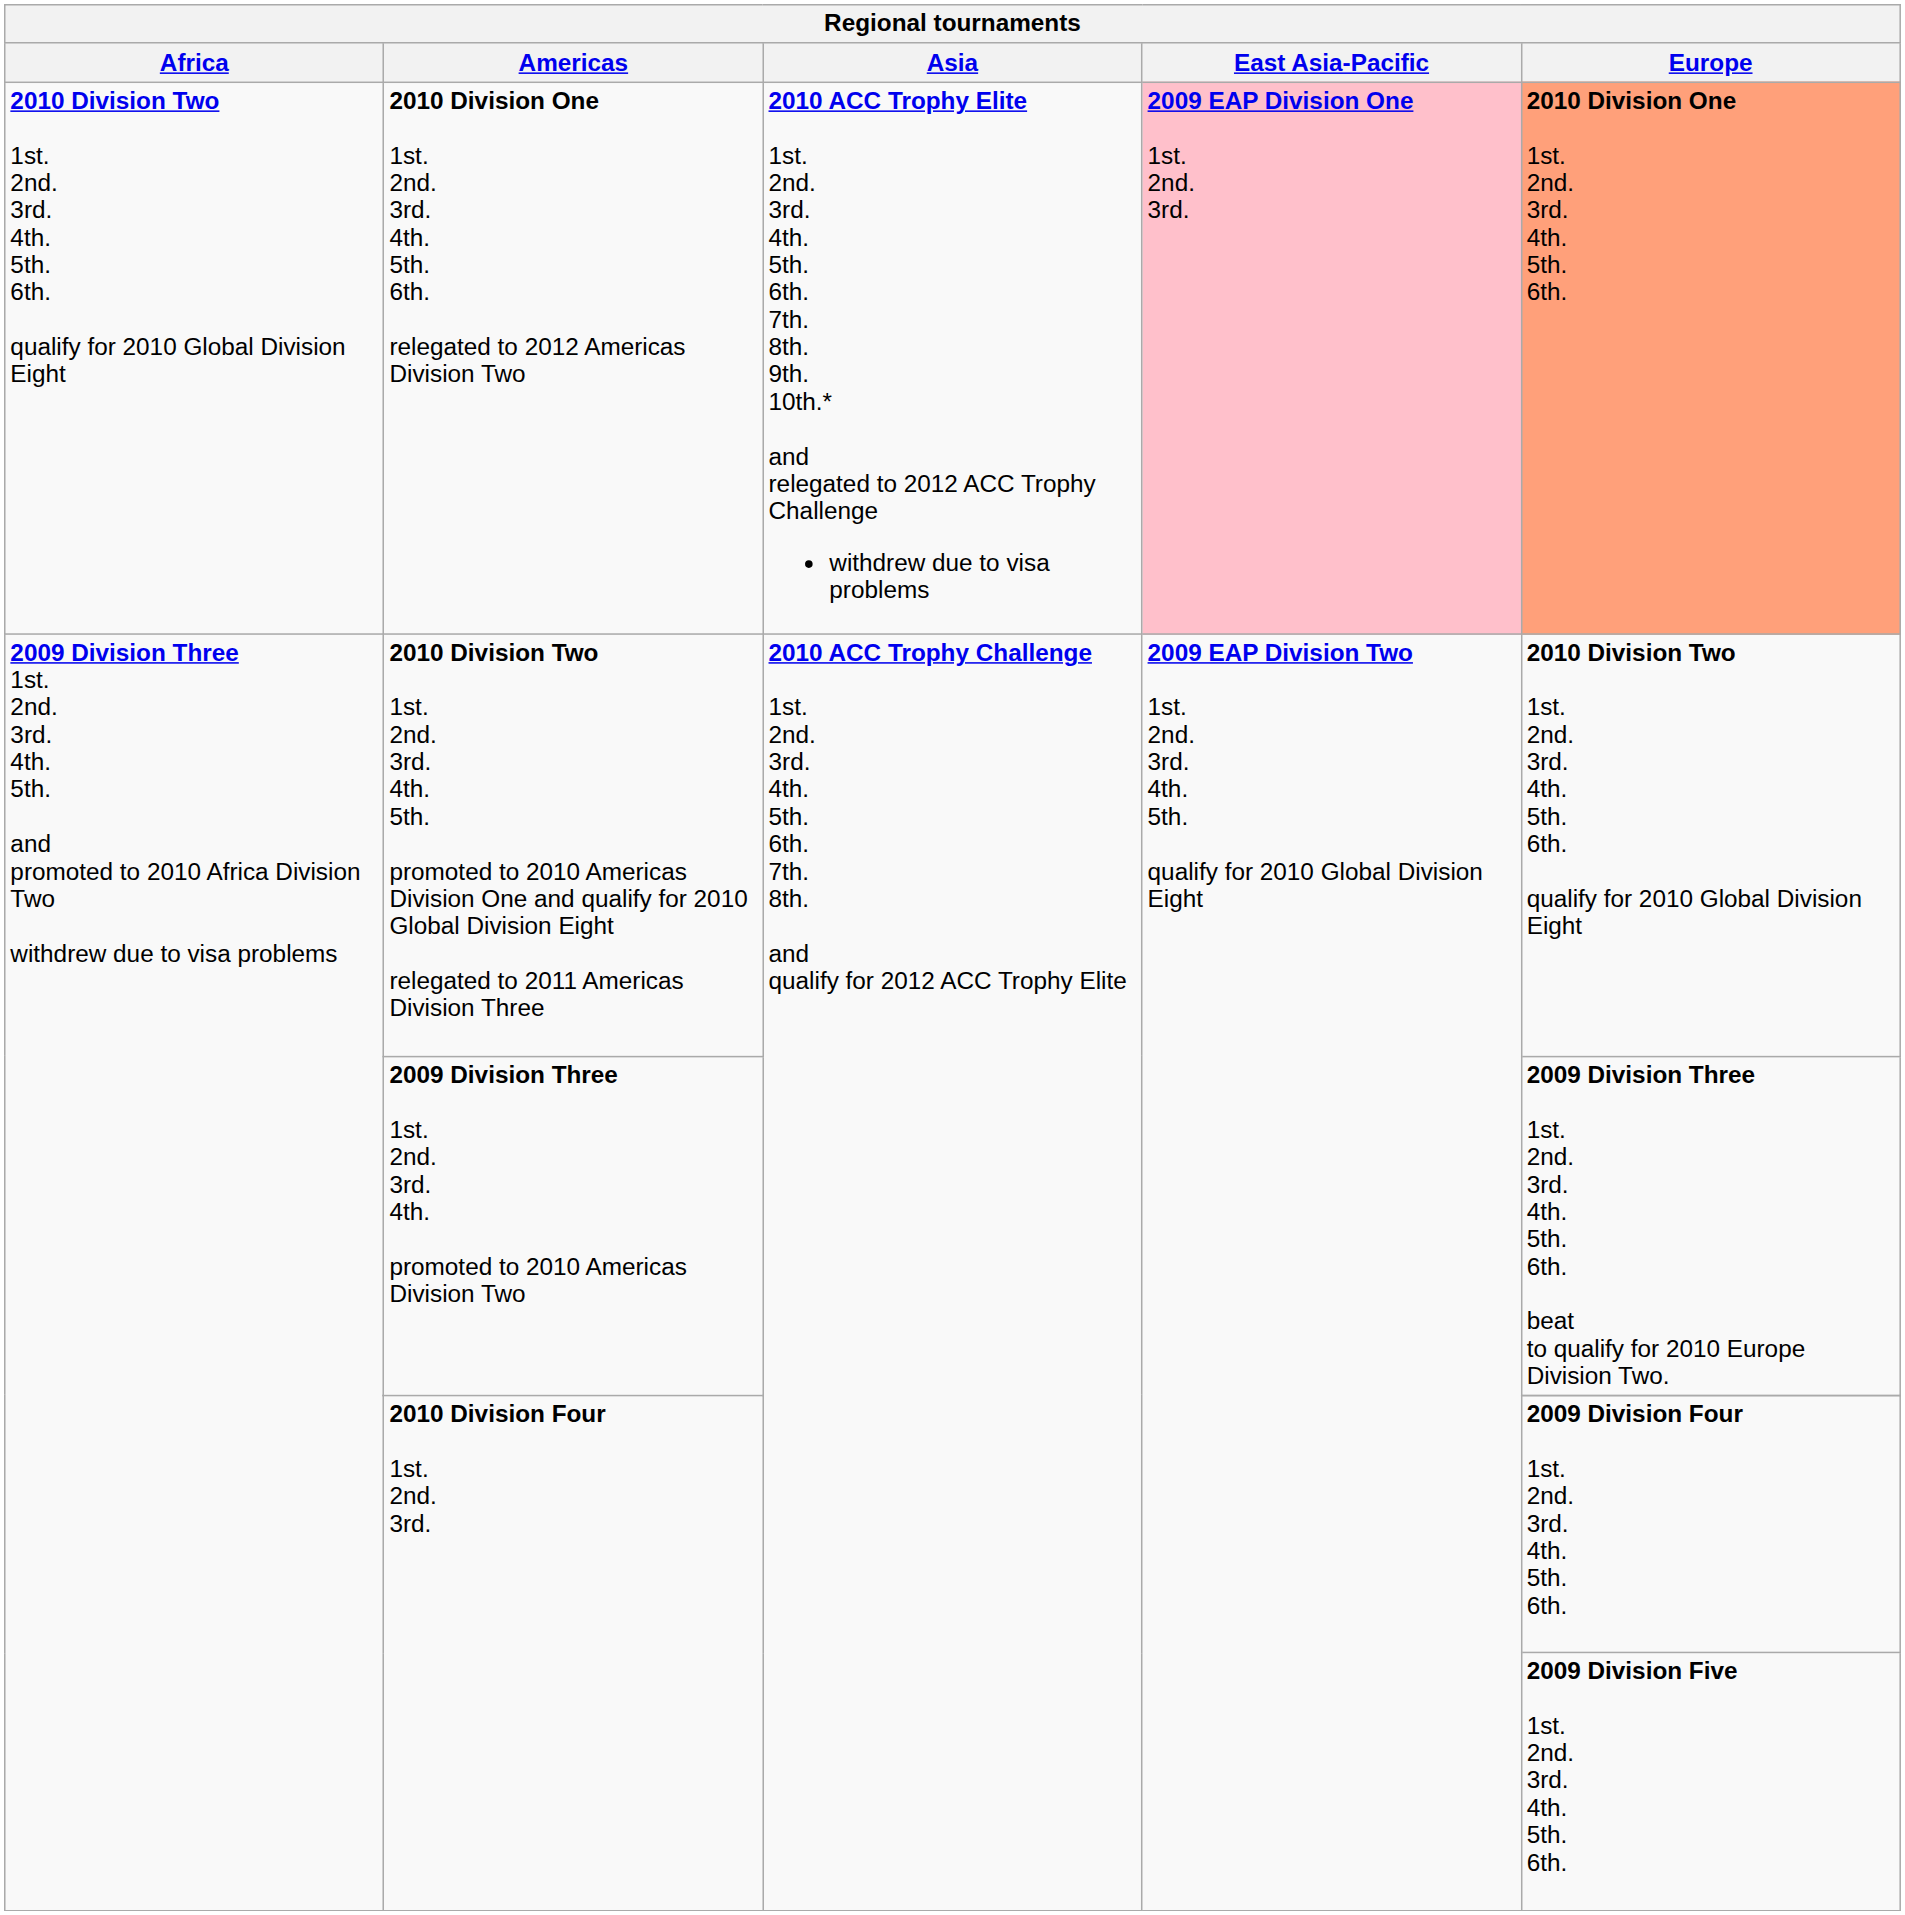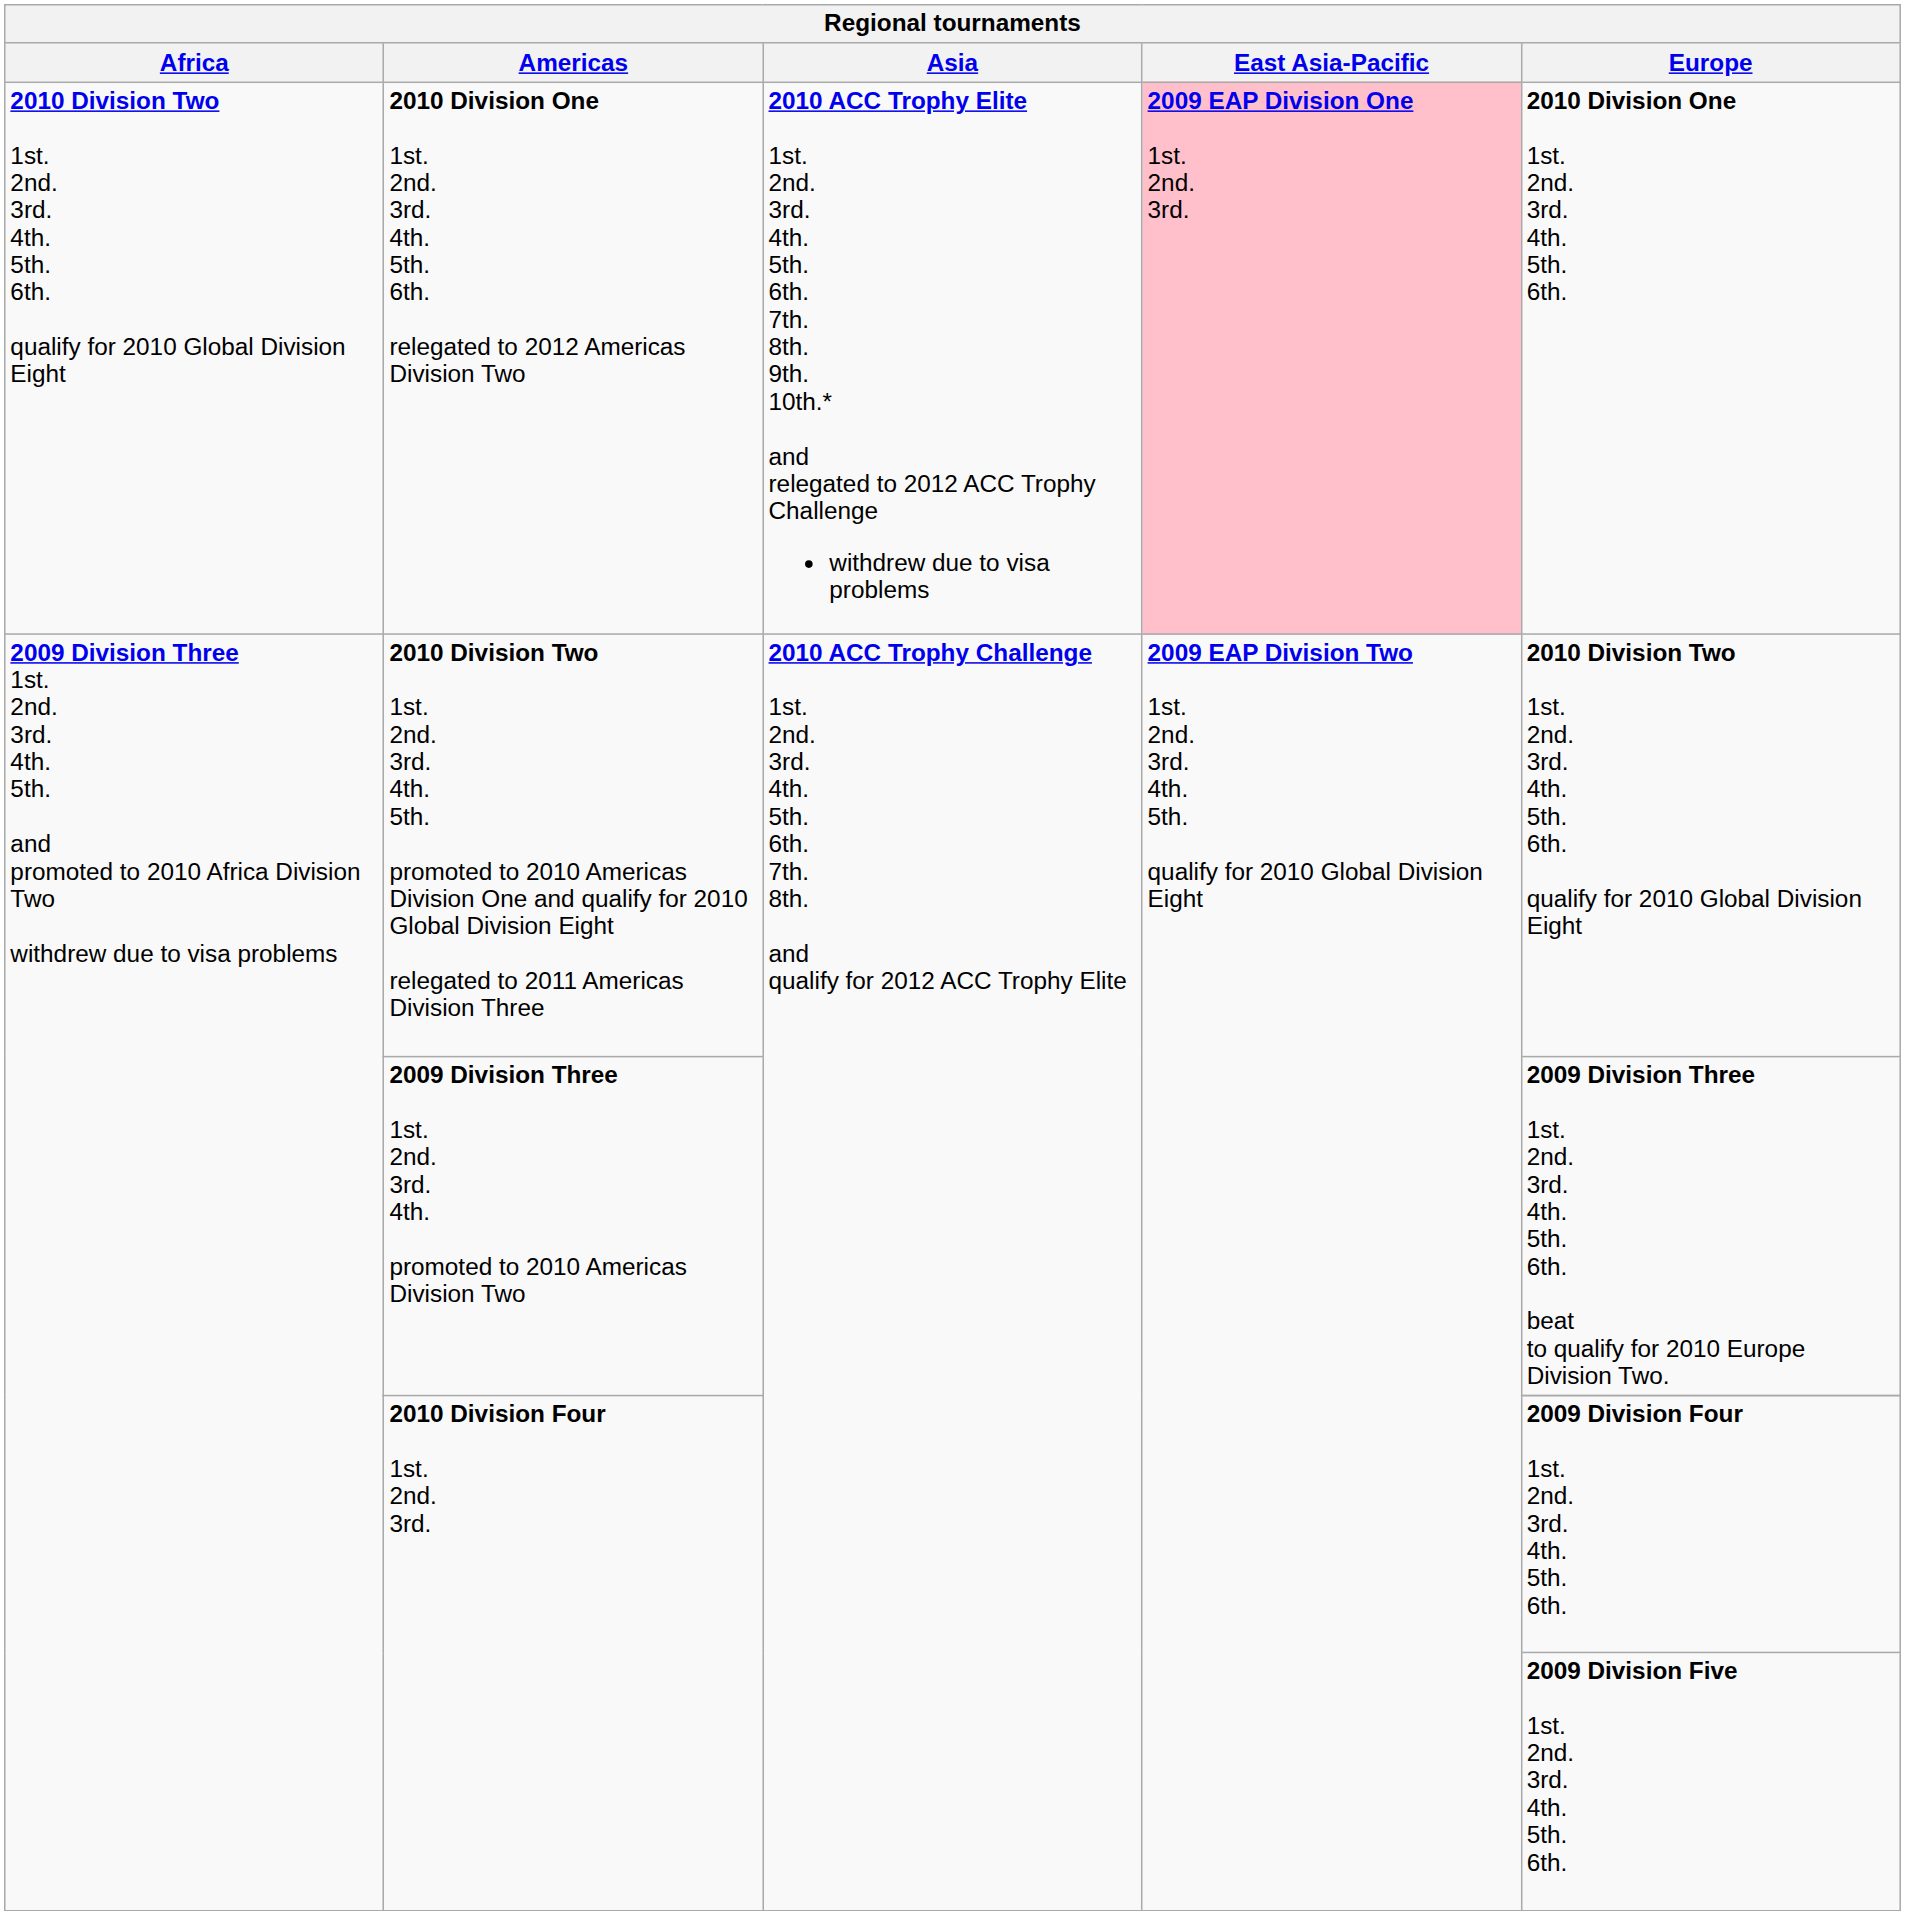 <table class="wikitable" style="text-align: left;">
 <tr>
 <th colspan="5">Regional tournaments</th>
 </tr>
 <tr>
 <th width="20%"><a href='#'>Africa</a></th>
 <th width="20%"><a href='#'>Americas</a></th>
 <th width="20%"><a href='#'>Asia</a></th>
 <th width="20%"><a href='#'>East Asia-Pacific</a></th>
 <th width="20%"><a href='#'>Europe</a></th>
 </tr>
 <tr>
 <td valign="top"><strong><a href='#'>2010 Division Two</a></strong><br><br>1st. <br> 2nd. <br> 3rd. <br> 4th. <br> 5th. <br> 6th. <br> <br>  qualify for 2010 Global Division Eight</td>
 <td valign="top"><strong>2010 Division One</strong><br><br>1st. <br> 2nd. <br> 3rd. <br>  4th. <br> 5th. <br> 6th. <br> <br>  relegated to 2012 Americas Division Two<br></td>
 <td valign="top"><strong><a href='#'>2010 ACC Trophy Elite</a></strong><br><br>1st. <br> 2nd. <br> 3rd. <br> 4th. <br> 5th. <br> 6th. <br> 7th. <br> 8th. <br> 9th. <br> 10th.*<br>   <br>  and<br>  relegated to 2012 ACC Trophy Challenge<ul><li> withdrew due to visa problems</li></ul></td>
 <td valign="top" style="background: pink;"><strong><a href='#'>2009 EAP Division One</a></strong><br><br>1st. <br> 2nd. <br> 3rd. </td>
-<td valign="top" style="background: lightsalmon;"><strong>2010 Division One</strong><br><br>1st. <br> 2nd. <br> 3rd. <br> 4th. <br> 5th. <br> 6th. <br></td>
+<td valign="top"><strong>2010 Division One</strong><br><br>1st. <br> 2nd. <br> 3rd. <br> 4th. <br> 5th. <br> 6th. <br></td>
 </tr>
 <tr>
 <td valign="top" rowspan="5"><strong><a href='#'>2009 Division Three</a></strong><br>1st. <br> 2nd. <br> 3rd. <br> 4th. <br> 5th. <br> <br>  and  <br> promoted to 2010 Africa Division Two<br> <br>  withdrew due to visa problems<br> <br></td>
 <td valign="top"><strong>2010 Division Two</strong><br><br>1st. <br> 2nd. <br> 3rd. <br> 4th. <br> 5th. <br> <br>  promoted to 2010 Americas Division One and qualify for 2010 Global Division Eight<br> <br>  relegated to 2011 Americas Division Three<br> <br></td>
 <td valign="top" rowspan="5"><strong><a href='#'>2010 ACC Trophy Challenge</a></strong><br><br>1st. <br> 2nd. <br> 3rd. <br> 4th. <br> 5th. <br> 6th. <br> 7th. <br> 8th. <br> <br>  and<br>  qualify for 2012 ACC Trophy Elite<br></td>
 <td valign="top" rowspan="5"><strong><a href='#'>2009 EAP Division Two</a></strong><br><br>1st. <br> 2nd. <br> 3rd. <br> 4th. <br> 5th. <br> <br>  qualify for 2010 Global Division Eight</td>
 <td valign="top"><strong>2010 Division Two</strong><br><br>1st. <br> 2nd. <br> 3rd. <br> 4th. <br> 5th. <br> 6th. <br> <br>  qualify for 2010 Global Division Eight</td>
 </tr>
 <tr>
 <td valign="top"><strong>2009 Division Three</strong><br><br>1st. <br> 2nd. <br> 3rd. <br> 4th. <br> <br>  promoted to 2010 Americas Division Two</td>
 <td valign="top"><strong>2009 Division Three</strong><br><br>1st. <br> 2nd. <br> 3rd. <br> 4th. <br> 5th. <br> 6th. <br> <br>  beat <br> to qualify for 2010 Europe Division Two.</td>
 </tr>
 <tr>
 <td valign="top" rowspan="3"><strong>2010 Division Four</strong><br><br>1st. <br> 2nd. <br> 3rd. <br></td>
 </tr>
 <tr>
 <td valign="top"><strong>2009 Division Four</strong><br><br>1st. <br> 2nd. <br> 3rd. <br> 4th. <br> 5th. <br> 6th. <br> <br></td>
 </tr>
 <tr>
 <td valign="top"><strong>2009 Division Five</strong><br><br>1st. <br> 2nd. <br> 3rd. <br> 4th. <br> 5th. <br> 6th. <br> <br></td>
 </tr>
 <tr>
 </tr>
 </table>
